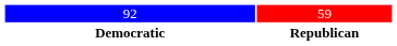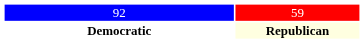 <table style="width:50%; text-align:center;">
 <tr style="color:white;">
 <td style="background:blue; width:64.90%;">92</td>
 <td style="background:red; width:35.10%;">59</td>
 </tr>
 <tr>
 <td><span><strong>Democratic</strong></span></td>
-<td><span><strong>Republican</strong></span></td>
+<td style="background: lightyellow;"><span><strong>Republican</strong></span></td>
 </tr>
 </table>
